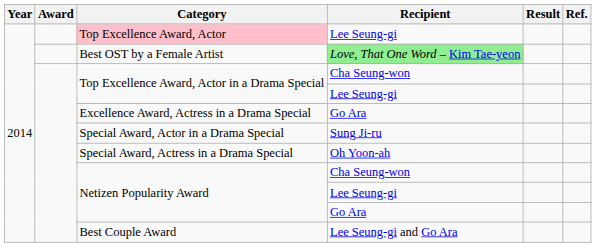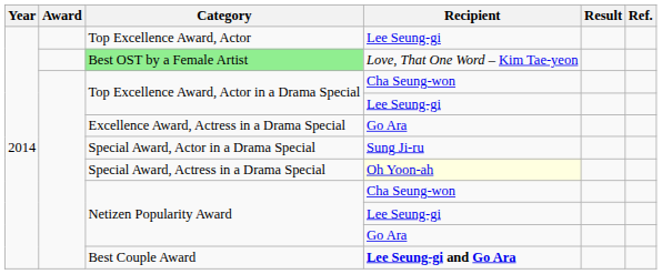 <table class="wikitable">
 <tr>
 <th>Year</th>
 <th>Award</th>
 <th>Category</th>
 <th>Recipient</th>
 <th>Result</th>
 <th>Ref.</th>
 </tr>
 <tr>
 <td rowspan=11>2014</td>
 <td></td>
-<td style="background: pink;">Top Excellence Award, Actor</td>
+<td>Top Excellence Award, Actor</td>
 <td><a href='#'>Lee Seung-gi</a></td>
 <td></td>
 <td></td>
 </tr>
 <tr>
 <td></td>
-<td>Best OST by a Female Artist</td>
-<td style="background: lightgreen;"><em>Love, That One Word</em> – <a href='#'>Kim Tae-yeon</a></td>
+<td style="background: lightgreen;">Best OST by a Female Artist</td>
+<td><em>Love, That One Word</em> – <a href='#'>Kim Tae-yeon</a></td>
 <td></td>
 <td></td>
 </tr>
 <tr>
 <td rowspan=9></td>
 <td rowspan=2>Top Excellence Award, Actor in a Drama Special</td>
 <td><a href='#'>Cha Seung-won</a></td>
 <td></td>
 <td></td>
 </tr>
 <tr>
 <td><a href='#'>Lee Seung-gi</a></td>
 <td></td>
 <td></td>
 </tr>
 <tr>
 <td>Excellence Award, Actress in a Drama Special</td>
 <td><a href='#'>Go Ara</a></td>
 <td></td>
 <td></td>
 </tr>
 <tr>
 <td>Special Award, Actor in a Drama Special</td>
 <td><a href='#'>Sung Ji-ru</a></td>
 <td></td>
 <td></td>
 </tr>
 <tr>
 <td>Special Award, Actress in a Drama Special</td>
-<td><a href='#'>Oh Yoon-ah</a></td>
+<td style="background: lightyellow;"><a href='#'>Oh Yoon-ah</a></td>
 <td></td>
 <td></td>
 </tr>
 <tr>
 <td rowspan=3>Netizen Popularity Award</td>
 <td><a href='#'>Cha Seung-won</a></td>
 <td></td>
 <td></td>
 </tr>
 <tr>
 <td><a href='#'>Lee Seung-gi</a></td>
 <td></td>
 <td></td>
 </tr>
 <tr>
 <td><a href='#'>Go Ara</a></td>
 <td></td>
 <td></td>
 </tr>
 <tr>
 <td>Best Couple Award</td>
-<td><a href='#'>Lee Seung-gi</a> and <a href='#'>Go Ara</a></td>
+<td><strong><a href='#'>Lee Seung-gi</a> and <a href='#'>Go Ara</a></strong></td>
 <td></td>
 <td></td>
 </tr>
 </table>
